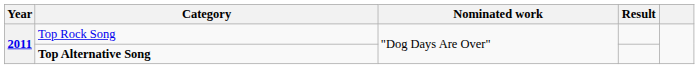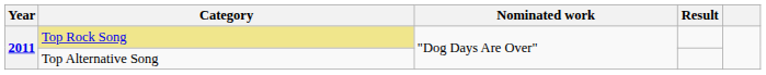 <table class="wikitable plainrowheaders" style="width:70%;">
 <tr>
 <th scope="col" style="width:4%;">Year</th>
 <th scope="col" style="width:50%;">Category</th>
 <th scope="col" style="width:35%;">Nominated work</th>
 <th scope="col" style="width:6%;">Result</th>
 <th scope="col" style="width:6%;"></th>
 </tr>
 <tr>
 <th rowspan="2" scope="row"><a href='#'>2011</a></th>
-<td><a href='#'>Top Rock Song</a></td>
+<td style="background: khaki;"><a href='#'>Top Rock Song</a></td>
 <td rowspan="2">"Dog Days Are Over"</td>
 <td></td>
 <td rowspan="2" style="text-align:center;"></td>
 </tr>
 <tr>
-<td><strong>Top Alternative Song</strong></td>
+<td>Top Alternative Song</td>
 <td></td>
 </tr>
 </table>
